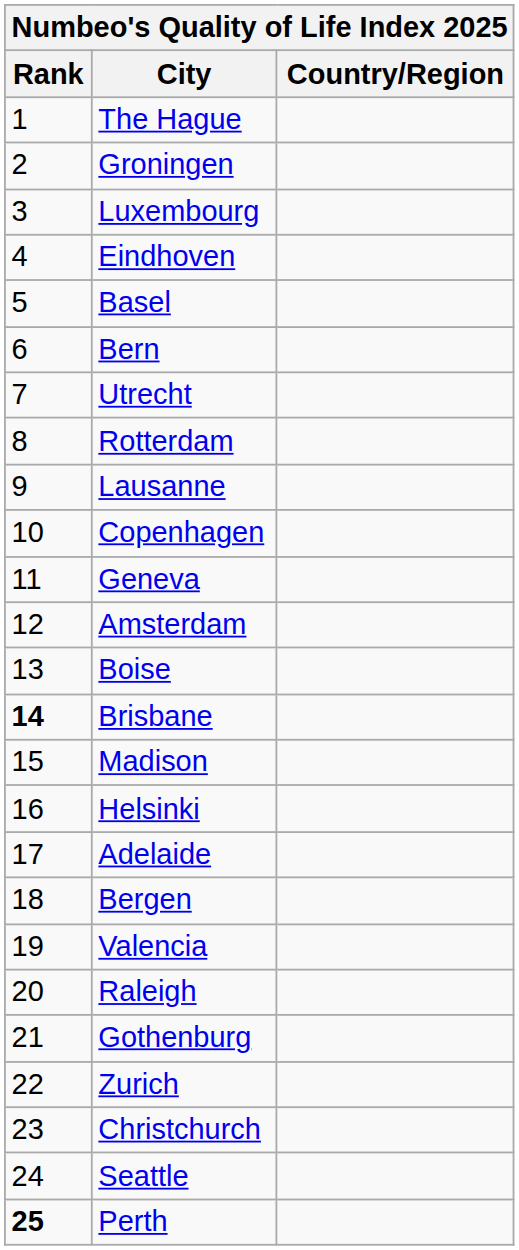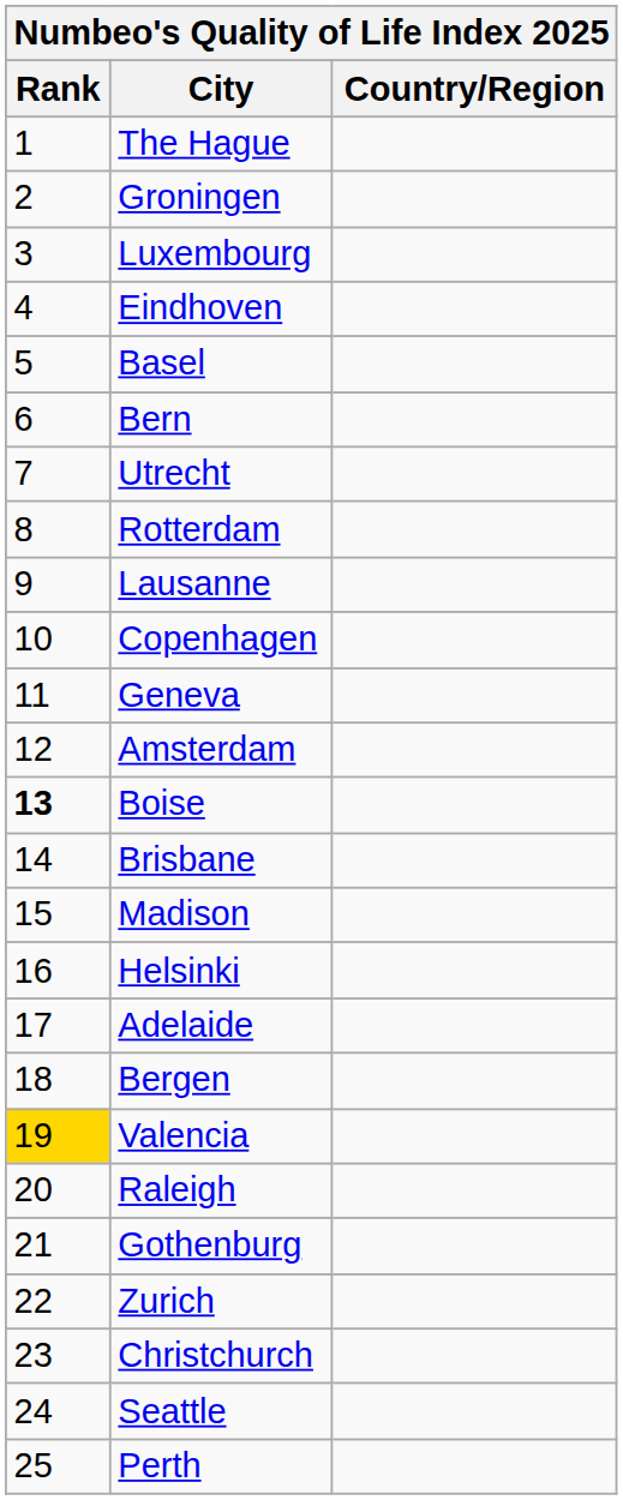 <table class="wikitable sortable">
 <tr>
 <th colspan="3">Numbeo's Quality of Life Index 2025 </th>
 </tr>
 <tr>
 <th>Rank</th>
 <th>City</th>
 <th>Country/Region</th>
 </tr>
 <tr>
 <td>1</td>
 <td><a href='#'>The Hague</a></td>
 <td></td>
 </tr>
 <tr>
 <td>2</td>
 <td><a href='#'>Groningen</a></td>
 <td></td>
 </tr>
 <tr>
 <td>3</td>
 <td><a href='#'>Luxembourg</a></td>
 <td></td>
 </tr>
 <tr>
 <td>4</td>
 <td><a href='#'>Eindhoven</a></td>
 <td></td>
 </tr>
 <tr>
 <td>5</td>
 <td><a href='#'>Basel</a></td>
 <td></td>
 </tr>
 <tr>
 <td>6</td>
 <td><a href='#'>Bern</a></td>
 <td></td>
 </tr>
 <tr>
 <td>7</td>
 <td><a href='#'>Utrecht</a></td>
 <td></td>
 </tr>
 <tr>
 <td>8</td>
 <td><a href='#'>Rotterdam</a></td>
 <td></td>
 </tr>
 <tr>
 <td>9</td>
 <td><a href='#'>Lausanne</a></td>
 <td></td>
 </tr>
 <tr>
 <td>10</td>
 <td><a href='#'>Copenhagen</a></td>
 <td></td>
 </tr>
 <tr>
 <td>11</td>
 <td><a href='#'>Geneva</a></td>
 <td></td>
 </tr>
 <tr>
 <td>12</td>
 <td><a href='#'>Amsterdam</a></td>
 <td></td>
 </tr>
 <tr>
-<td>13</td>
+<td><strong>13</strong></td>
 <td><a href='#'>Boise</a></td>
 <td></td>
 </tr>
 <tr>
-<td><strong>14</strong></td>
+<td>14</td>
 <td><a href='#'>Brisbane</a></td>
 <td></td>
 </tr>
 <tr>
 <td>15</td>
 <td><a href='#'>Madison</a></td>
 <td></td>
 </tr>
 <tr>
 <td>16</td>
 <td><a href='#'>Helsinki</a></td>
 <td></td>
 </tr>
 <tr>
 <td>17</td>
 <td><a href='#'>Adelaide</a></td>
 <td></td>
 </tr>
 <tr>
 <td>18</td>
 <td><a href='#'>Bergen</a></td>
 <td></td>
 </tr>
 <tr>
-<td>19</td>
+<td style="background: gold;">19</td>
 <td><a href='#'>Valencia</a></td>
 <td></td>
 </tr>
 <tr>
 <td>20</td>
 <td><a href='#'>Raleigh</a></td>
 <td></td>
 </tr>
 <tr>
 <td>21</td>
 <td><a href='#'>Gothenburg</a></td>
 <td></td>
 </tr>
 <tr>
 <td>22</td>
 <td><a href='#'>Zurich</a></td>
 <td></td>
 </tr>
 <tr>
 <td>23</td>
 <td><a href='#'>Christchurch</a></td>
 <td></td>
 </tr>
 <tr>
 <td>24</td>
 <td><a href='#'>Seattle</a></td>
 <td></td>
 </tr>
 <tr>
-<td><strong>25</strong></td>
+<td>25</td>
 <td><a href='#'>Perth</a></td>
 <td></td>
 </tr>
 </table>
